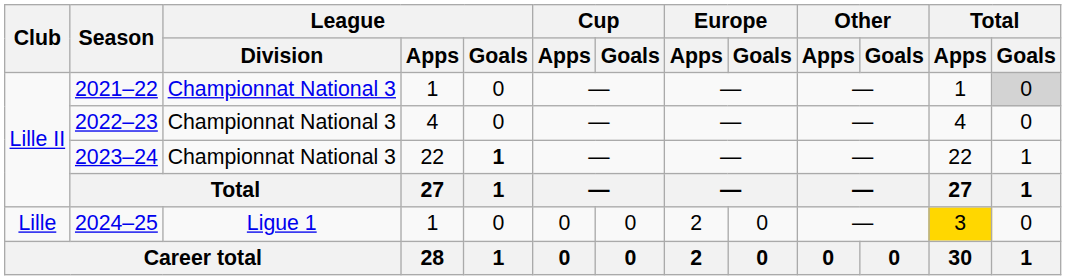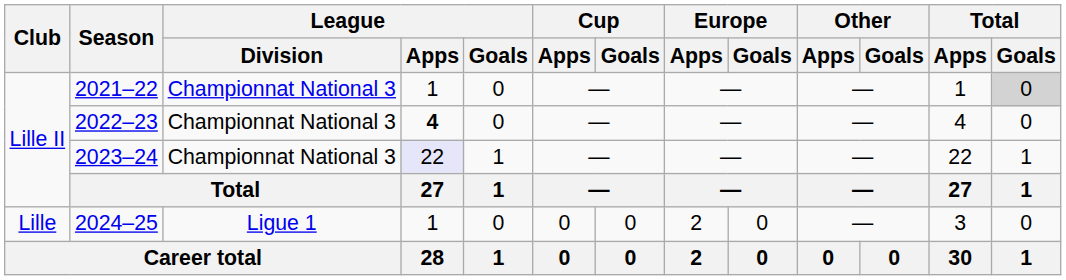 <table class="wikitable" style="text-align: center">
 <tr>
 <th rowspan="2">Club</th>
 <th rowspan="2">Season</th>
 <th colspan="3">League</th>
 <th colspan="2">Cup</th>
 <th colspan="2">Europe</th>
 <th colspan="2">Other</th>
 <th colspan="2">Total</th>
 </tr>
 <tr>
 <th>Division</th>
 <th>Apps</th>
 <th>Goals</th>
 <th>Apps</th>
 <th>Goals</th>
 <th>Apps</th>
 <th>Goals</th>
 <th>Apps</th>
 <th>Goals</th>
 <th>Apps</th>
 <th>Goals</th>
 </tr>
 <tr>
 <td rowspan="4"><a href='#'>Lille II</a></td>
 <td><a href='#'>2021–22</a></td>
 <td><a href='#'>Championnat National 3</a></td>
 <td>1</td>
 <td>0</td>
 <td colspan="2">—</td>
 <td colspan="2">—</td>
 <td colspan="2">—</td>
 <td>1</td>
 <td style="background: lightgrey;">0</td>
 </tr>
 <tr>
 <td><a href='#'>2022–23</a></td>
 <td>Championnat National 3</td>
-<td>4</td>
+<td><strong>4</strong></td>
 <td>0</td>
 <td colspan="2">—</td>
 <td colspan="2">—</td>
 <td colspan="2">—</td>
 <td>4</td>
 <td>0</td>
 </tr>
 <tr>
 <td><a href='#'>2023–24</a></td>
 <td>Championnat National 3</td>
-<td>22</td>
-<td><strong>1</strong></td>
+<td style="background: lavender;">22</td>
+<td>1</td>
 <td colspan="2">—</td>
 <td colspan="2">—</td>
 <td colspan="2">—</td>
 <td>22</td>
 <td>1</td>
 </tr>
 <tr>
 <th colspan="2">Total</th>
 <th>27</th>
 <th>1</th>
 <th colspan="2">—</th>
 <th colspan="2">—</th>
 <th colspan="2">—</th>
 <th>27</th>
 <th>1</th>
 </tr>
 <tr>
 <td><a href='#'>Lille</a></td>
 <td><a href='#'>2024–25</a></td>
 <td><a href='#'>Ligue 1</a></td>
 <td>1</td>
 <td>0</td>
 <td>0</td>
 <td>0</td>
 <td>2</td>
 <td>0</td>
 <td colspan="2">—</td>
-<td style="background: gold;">3</td>
+<td>3</td>
 <td>0</td>
 </tr>
 <tr>
 <th colspan="3">Career total</th>
 <th>28</th>
 <th>1</th>
 <th>0</th>
 <th>0</th>
 <th>2</th>
 <th>0</th>
 <th>0</th>
 <th>0</th>
 <th>30</th>
 <th>1</th>
 </tr>
 </table>
